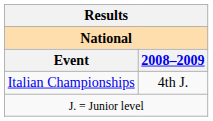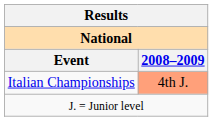 <table class="wikitable" style="text-align:center">
 <tr>
 <th colspan=2 align=center><strong>Results</strong></th>
 </tr>
 <tr>
 <th style="background-color: #ffdead; " colspan=2 align=center><strong>National</strong></th>
 </tr>
 <tr>
 <th>Event</th>
 <th><a href='#'>2008–2009</a></th>
 </tr>
 <tr>
 <td align=left><a href='#'>Italian Championships</a></td>
-<td>4th J.</td>
+<td style="background: lightsalmon;">4th J.</td>
 </tr>
 <tr>
 <td colspan=2 align=center><small> J. = Junior level </small></td>
 </tr>
 </table>
